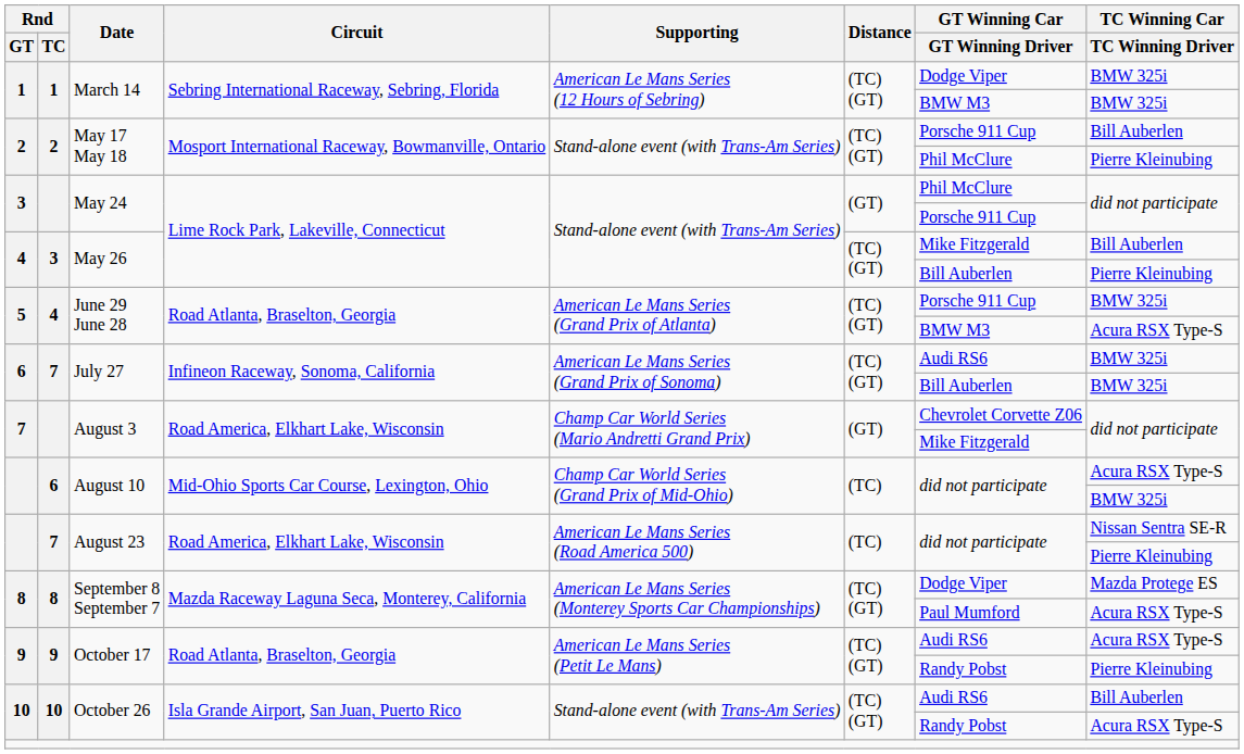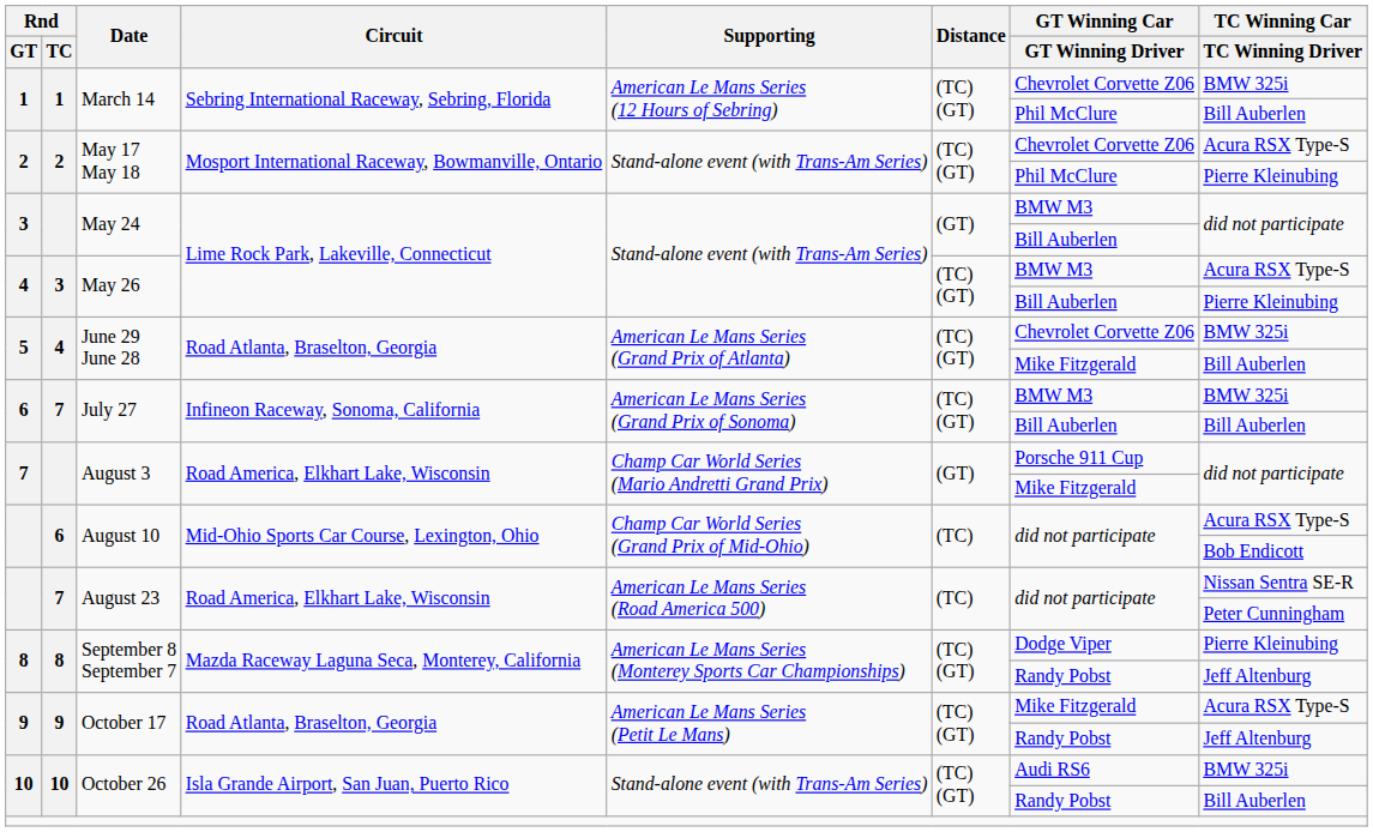 <table class="wikitable" style="font-size: 85%">
 <tr>
 <th colspan=2>Rnd</th>
 <th rowspan=2>Date</th>
 <th rowspan=2>Circuit</th>
 <th rowspan=2>Supporting</th>
 <th rowspan=2>Distance</th>
 <th>GT Winning Car</th>
 <th>TC Winning Car</th>
 </tr>
 <tr>
 <th>GT</th>
 <th>TC</th>
 <th>GT Winning Driver</th>
 <th>TC Winning Driver</th>
 </tr>
 <tr>
 <th rowspan=2>1</th>
 <th rowspan=2>1</th>
 <td rowspan=2>March 14</td>
 <td rowspan=2><a href='#'>Sebring International Raceway</a>, <a href='#'>Sebring, Florida</a></td>
 <td rowspan=2><em><a href='#'>American Le Mans Series</a></em><br><em>(<a href='#'>12 Hours of Sebring</a>)</em></td>
 <td rowspan=2> (TC)<br> (GT)</td>
-<td><a href='#'>Dodge Viper</a></td>
+<td><a href='#'>Chevrolet Corvette Z06</a></td>
 <td><a href='#'>BMW 325i</a></td>
 </tr>
 <tr>
-<td><a href='#'>BMW M3</a></td>
-<td><a href='#'>BMW 325i</a></td>
+<td> <a href='#'>Phil McClure</a></td>
+<td> <a href='#'>Bill Auberlen</a></td>
 </tr>
 <tr>
 <th rowspan=2>2</th>
 <th rowspan=2>2</th>
 <td rowspan=2>May 17<br>May 18</td>
 <td rowspan=2> <a href='#'>Mosport International Raceway</a>, <a href='#'>Bowmanville, Ontario</a></td>
 <td rowspan=2><em>Stand-alone event (with <a href='#'>Trans-Am Series</a>)</em></td>
 <td rowspan=2> (TC)<br> (GT)</td>
-<td><a href='#'>Porsche 911 Cup</a></td>
-<td> <a href='#'>Bill Auberlen</a></td>
+<td><a href='#'>Chevrolet Corvette Z06</a></td>
+<td><a href='#'>Acura RSX</a> Type-S</td>
 </tr>
 <tr>
 <td> <a href='#'>Phil McClure</a></td>
 <td> <a href='#'>Pierre Kleinubing</a></td>
 </tr>
 <tr>
 <th rowspan=2>3</th>
 <th rowspan=2></th>
 <td rowspan=2>May 24</td>
 <td rowspan=4> <a href='#'>Lime Rock Park</a>, <a href='#'>Lakeville, Connecticut</a></td>
 <td rowspan=4><em>Stand-alone event (with <a href='#'>Trans-Am Series</a>)</em></td>
 <td rowspan=2> (GT)</td>
-<td> <a href='#'>Phil McClure</a></td>
+<td><a href='#'>BMW M3</a></td>
 <td rowspan=2><em>did not participate</em></td>
 </tr>
 <tr>
-<td><a href='#'>Porsche 911 Cup</a></td>
+<td> <a href='#'>Bill Auberlen</a></td>
 </tr>
 <tr>
 <th rowspan=2>4</th>
 <th rowspan=2>3</th>
 <td rowspan=2>May 26</td>
 <td rowspan=2> (TC)<br> (GT)</td>
-<td> <a href='#'>Mike Fitzgerald</a></td>
-<td> <a href='#'>Bill Auberlen</a></td>
+<td><a href='#'>BMW M3</a></td>
+<td><a href='#'>Acura RSX</a> Type-S</td>
 </tr>
 <tr>
 <td> <a href='#'>Bill Auberlen</a></td>
 <td> <a href='#'>Pierre Kleinubing</a></td>
 </tr>
 <tr>
 <th rowspan=2>5</th>
 <th rowspan=2>4</th>
 <td rowspan=2>June 29<br>June 28</td>
 <td rowspan=2> <a href='#'>Road Atlanta</a>, <a href='#'>Braselton, Georgia</a></td>
 <td rowspan=2><em><a href='#'>American Le Mans Series</a></em><br><em>(<a href='#'>Grand Prix of Atlanta</a>)</em></td>
 <td rowspan=2> (TC)<br> (GT)</td>
-<td><a href='#'>Porsche 911 Cup</a></td>
+<td><a href='#'>Chevrolet Corvette Z06</a></td>
 <td><a href='#'>BMW 325i</a></td>
 </tr>
 <tr>
-<td><a href='#'>BMW M3</a></td>
-<td><a href='#'>Acura RSX</a> Type-S</td>
+<td> <a href='#'>Mike Fitzgerald</a></td>
+<td> <a href='#'>Bill Auberlen</a></td>
 </tr>
 <tr>
 <th rowspan=2>6</th>
 <th rowspan=2>7</th>
 <td rowspan=2>July 27</td>
 <td rowspan=2> <a href='#'>Infineon Raceway</a>, <a href='#'>Sonoma, California</a></td>
 <td rowspan=2><em><a href='#'>American Le Mans Series</a></em><br><em>(<a href='#'>Grand Prix of Sonoma</a>)</em></td>
 <td rowspan=2> (TC)<br> (GT)</td>
-<td><a href='#'>Audi RS6</a></td>
+<td><a href='#'>BMW M3</a></td>
 <td><a href='#'>BMW 325i</a></td>
 </tr>
 <tr>
 <td> <a href='#'>Bill Auberlen</a></td>
-<td><a href='#'>BMW 325i</a></td>
+<td> <a href='#'>Bill Auberlen</a></td>
 </tr>
 <tr>
 <th rowspan=2>7</th>
 <th rowspan=2></th>
 <td rowspan=2>August 3</td>
 <td rowspan=2> <a href='#'>Road America</a>, <a href='#'>Elkhart Lake, Wisconsin</a></td>
 <td rowspan=2><em><a href='#'>Champ Car World Series</a></em><br><em>(<a href='#'>Mario Andretti Grand Prix</a>)</em></td>
 <td rowspan=2> (GT)</td>
-<td><a href='#'>Chevrolet Corvette Z06</a></td>
+<td><a href='#'>Porsche 911 Cup</a></td>
 <td rowspan=2><em>did not participate</em></td>
 </tr>
 <tr>
 <td> <a href='#'>Mike Fitzgerald</a></td>
 </tr>
 <tr>
 <th rowspan=2></th>
 <th rowspan=2>6</th>
 <td rowspan=2>August 10</td>
 <td rowspan=2> <a href='#'>Mid-Ohio Sports Car Course</a>, <a href='#'>Lexington, Ohio</a></td>
 <td rowspan=2><em><a href='#'>Champ Car World Series</a></em><br><em>(<a href='#'>Grand Prix of Mid-Ohio</a>)</em></td>
 <td rowspan=2> (TC)</td>
 <td rowspan=2><em>did not participate</em></td>
 <td><a href='#'>Acura RSX</a> Type-S</td>
 </tr>
 <tr>
-<td><a href='#'>BMW 325i</a></td>
+<td> <a href='#'>Bob Endicott</a></td>
 </tr>
 <tr>
 <th rowspan=2></th>
 <th rowspan=2>7</th>
 <td rowspan=2>August 23</td>
 <td rowspan=2><a href='#'>Road America</a>, <a href='#'>Elkhart Lake, Wisconsin</a></td>
 <td rowspan=2><em><a href='#'>American Le Mans Series</a></em><br><em>(<a href='#'>Road America 500</a>)</em></td>
 <td rowspan=2> (TC)</td>
 <td rowspan=2><em>did not participate</em></td>
 <td><a href='#'>Nissan Sentra</a> SE-R</td>
 </tr>
 <tr>
-<td> <a href='#'>Pierre Kleinubing</a></td>
+<td> <a href='#'>Peter Cunningham</a></td>
 </tr>
 <tr>
 <th rowspan=2>8</th>
 <th rowspan=2>8</th>
 <td rowspan=2>September 8<br>September 7</td>
 <td rowspan=2><a href='#'>Mazda Raceway Laguna Seca</a>, <a href='#'>Monterey, California</a></td>
 <td rowspan=2><em><a href='#'>American Le Mans Series</a></em><br><em>(<a href='#'>Monterey Sports Car Championships</a>)</em></td>
 <td rowspan=2> (TC)<br> (GT)</td>
 <td><a href='#'>Dodge Viper</a></td>
-<td><a href='#'>Mazda Protege</a> ES</td>
+<td> <a href='#'>Pierre Kleinubing</a></td>
 </tr>
 <tr>
-<td> <a href='#'>Paul Mumford</a></td>
-<td><a href='#'>Acura RSX</a> Type-S</td>
+<td> <a href='#'>Randy Pobst</a></td>
+<td> <a href='#'>Jeff Altenburg</a></td>
 </tr>
 <tr>
 <th rowspan=2>9</th>
 <th rowspan=2>9</th>
 <td rowspan=2>October 17</td>
 <td rowspan=2> <a href='#'>Road Atlanta</a>, <a href='#'>Braselton, Georgia</a></td>
 <td rowspan=2><em><a href='#'>American Le Mans Series</a></em><br><em>(<a href='#'>Petit Le Mans</a>)</em></td>
 <td rowspan=2> (TC)<br> (GT)</td>
-<td><a href='#'>Audi RS6</a></td>
+<td> <a href='#'>Mike Fitzgerald</a></td>
 <td><a href='#'>Acura RSX</a> Type-S</td>
 </tr>
 <tr>
 <td> <a href='#'>Randy Pobst</a></td>
-<td> <a href='#'>Pierre Kleinubing</a></td>
+<td> <a href='#'>Jeff Altenburg</a></td>
 </tr>
 <tr>
 <th rowspan=2>10</th>
 <th rowspan=2>10</th>
 <td rowspan=2>October 26</td>
 <td rowspan=2> <a href='#'>Isla Grande Airport</a>, <a href='#'>San Juan, Puerto Rico</a></td>
 <td rowspan=2><em>Stand-alone event (with <a href='#'>Trans-Am Series</a>)</em></td>
 <td rowspan=2> (TC)<br> (GT)</td>
 <td><a href='#'>Audi RS6</a></td>
-<td> <a href='#'>Bill Auberlen</a></td>
+<td><a href='#'>BMW 325i</a></td>
 </tr>
 <tr>
 <td> <a href='#'>Randy Pobst</a></td>
-<td><a href='#'>Acura RSX</a> Type-S</td>
+<td> <a href='#'>Bill Auberlen</a></td>
 </tr>
 <tr>
 <td colspan=8 align=center></td>
 </tr>
 </table>
